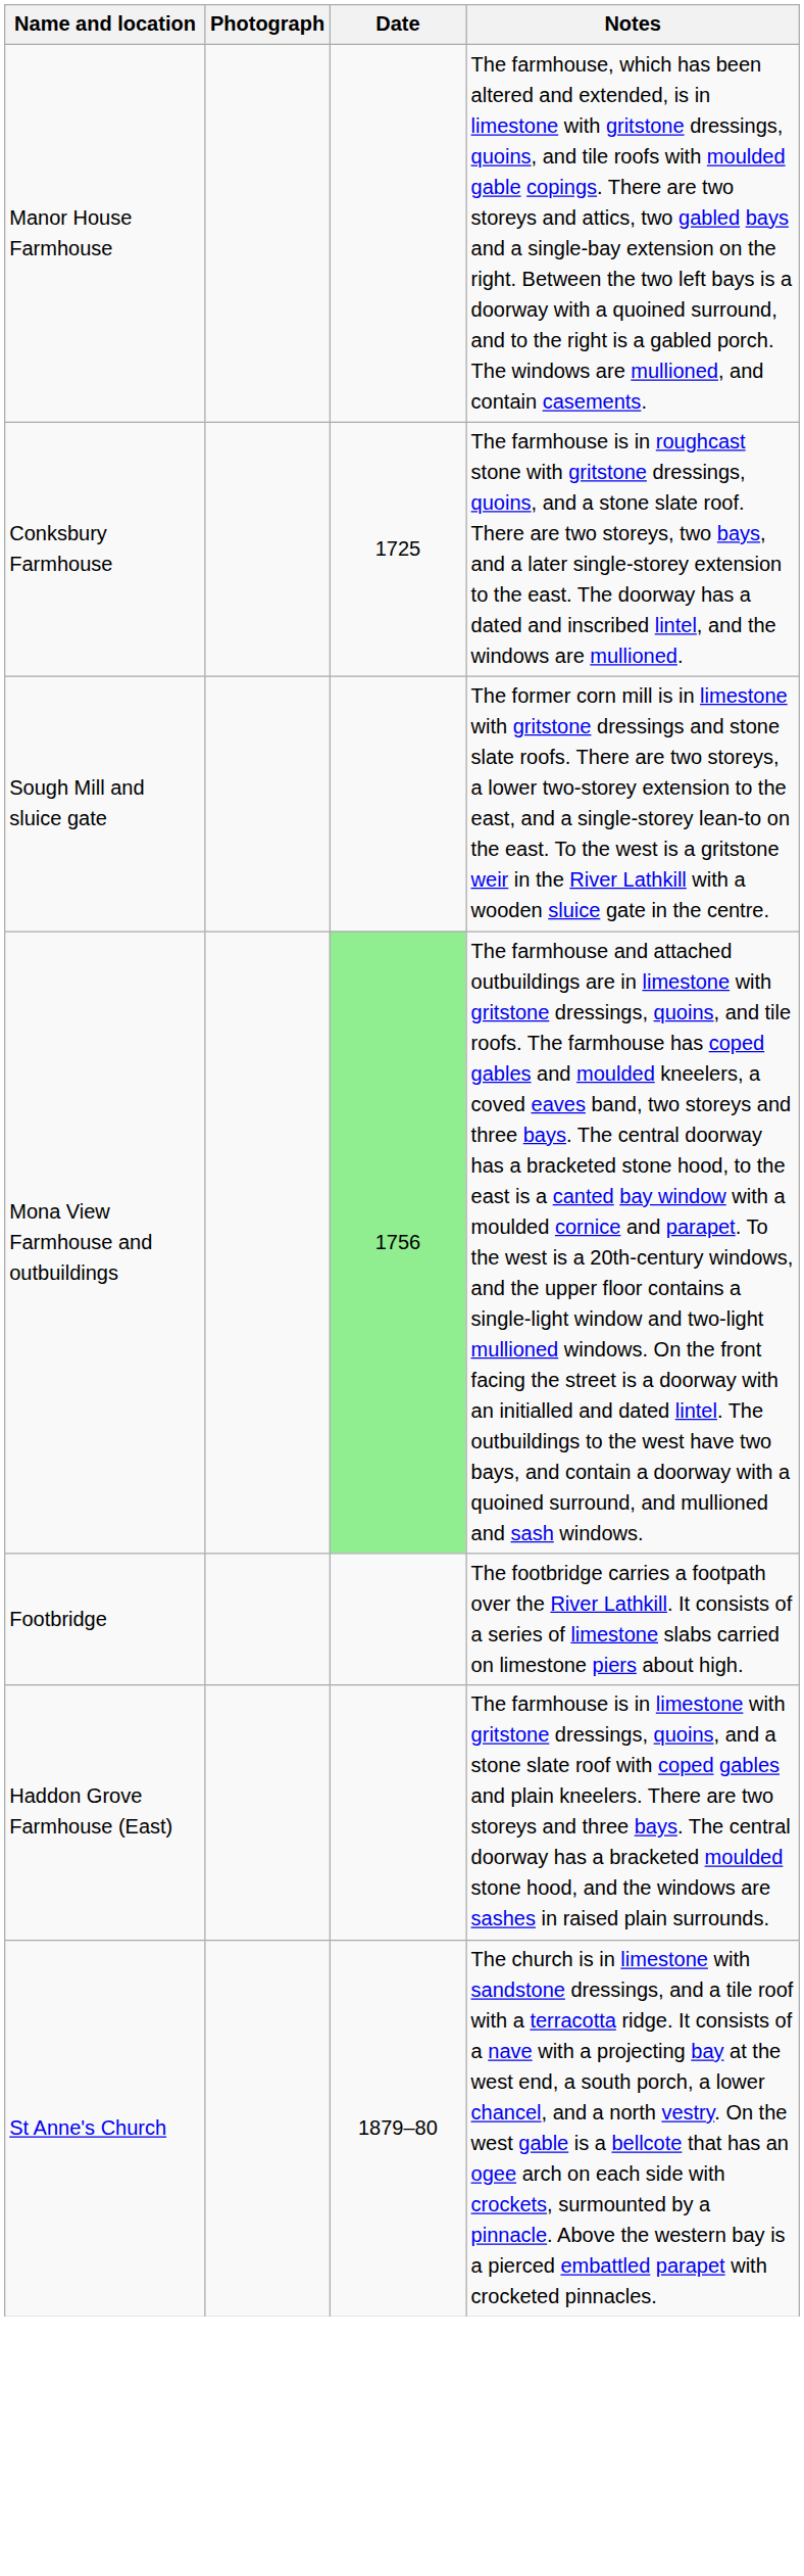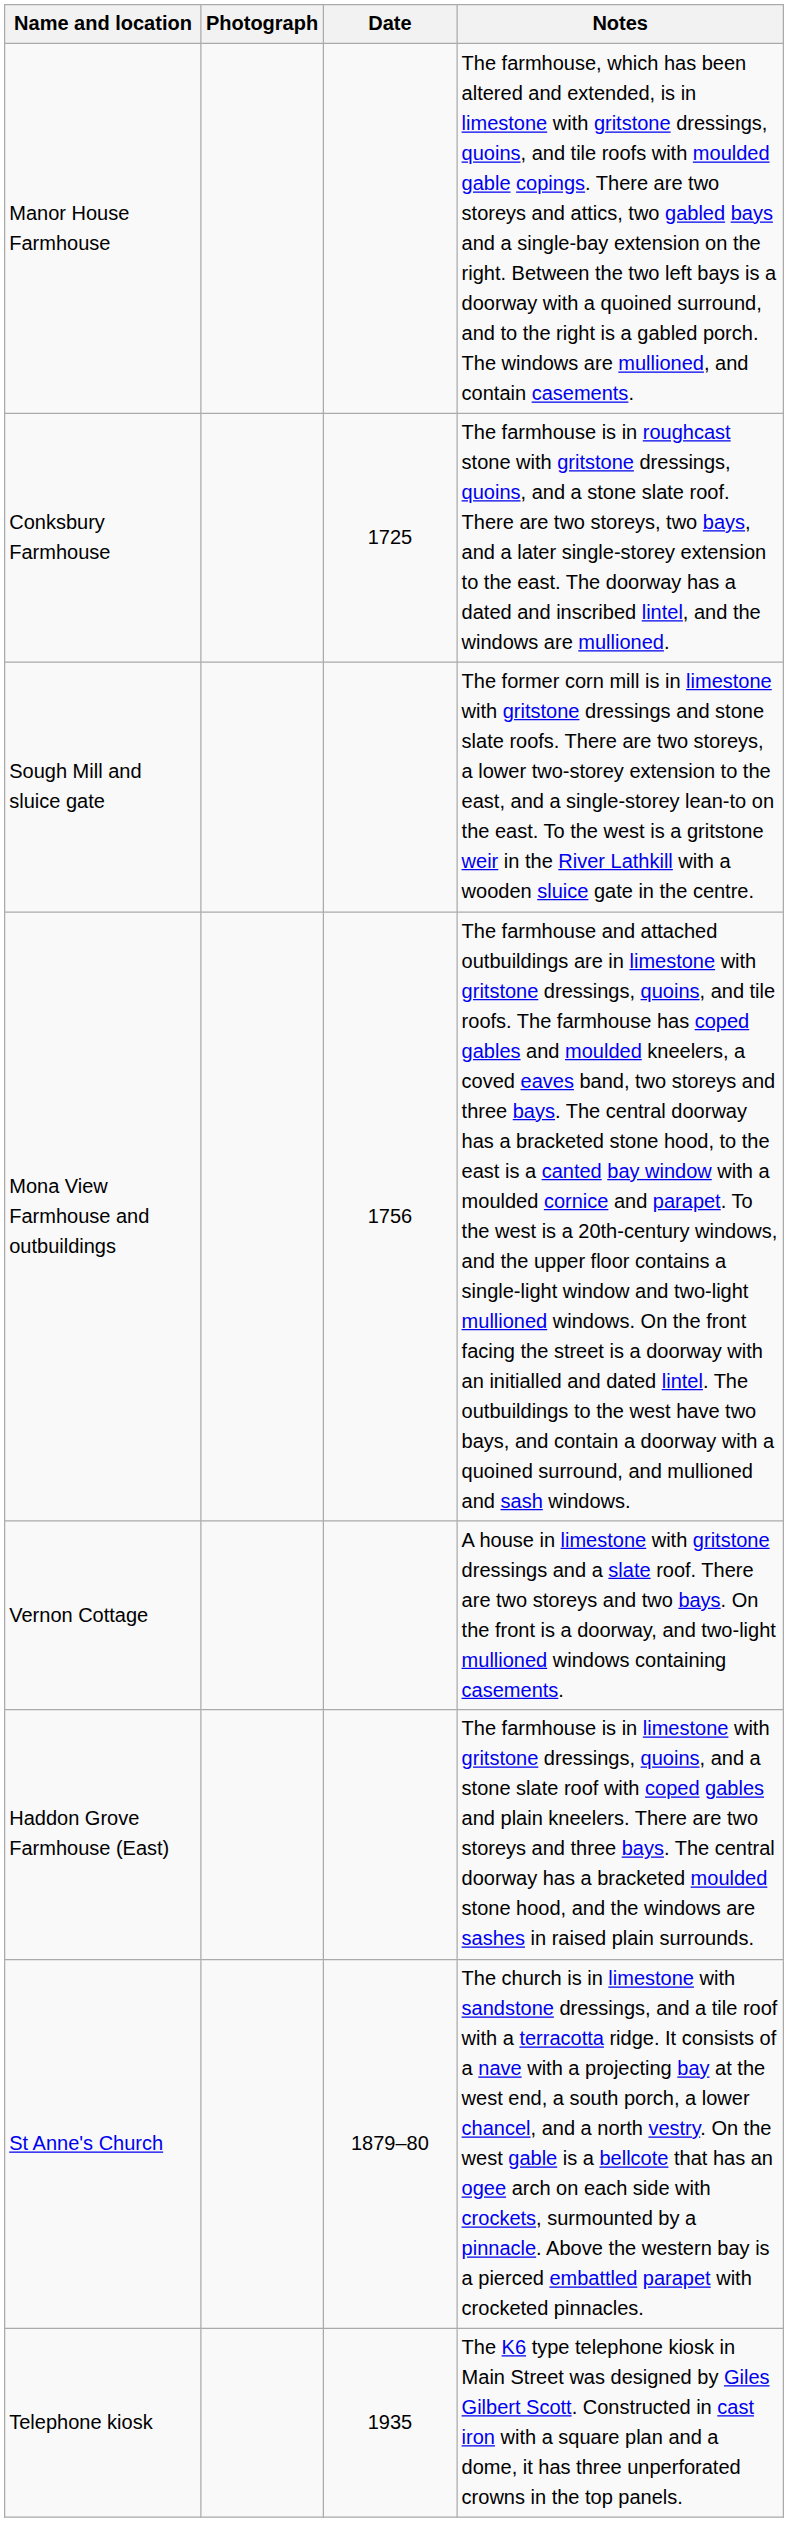 <table class="wikitable sortable plainrowheaders" style="width:100%;border:0px;text-align:left;line-height:150%;">
 <tr>
 <th style="width:150px;">Name and location</th>
 <th class="unsortable">Photograph</th>
 <th style="width:100px;">Date</th>
 <th class="unsortable">Notes</th>
 </tr>
 <tr>
 <td>Manor House Farmhouse<br><small></small></td>
 <td></td>
 <td align="center"></td>
 <td>The farmhouse, which has been altered and extended, is in <a href='#'>limestone</a> with <a href='#'>gritstone</a> dressings, <a href='#'>quoins</a>, and tile roofs with <a href='#'>moulded</a> <a href='#'>gable</a> <a href='#'>copings</a>.  There are two storeys and attics, two <a href='#'>gabled</a> <a href='#'>bays</a> and a single-bay extension on the right. Between the two left bays is a doorway with a quoined surround, and to the right is a gabled porch.  The windows are <a href='#'>mullioned</a>, and contain <a href='#'>casements</a>.</td>
 </tr>
 <tr>
 <td>Conksbury Farmhouse<br><small></small></td>
 <td></td>
 <td align="center">1725</td>
 <td>The farmhouse is in <a href='#'>roughcast</a> stone with <a href='#'>gritstone</a> dressings, <a href='#'>quoins</a>, and a stone slate roof.  There are two storeys, two <a href='#'>bays</a>, and a later single-storey extension to the east.  The doorway has a dated and inscribed <a href='#'>lintel</a>, and the windows are <a href='#'>mullioned</a>.</td>
 </tr>
 <tr>
 <td>Sough Mill and sluice gate<br><small></small></td>
 <td></td>
 <td align="center"></td>
 <td>The former corn mill is in <a href='#'>limestone</a> with <a href='#'>gritstone</a> dressings and stone slate roofs.  There are two storeys, a lower two-storey extension to the east, and a single-storey lean-to on the east.  To the west is a gritstone <a href='#'>weir</a> in the <a href='#'>River Lathkill</a> with a wooden <a href='#'>sluice</a> gate in the centre.</td>
 </tr>
 <tr>
 <td>Mona View Farmhouse and outbuildings<br><small></small></td>
 <td></td>
-<td align="center" style="background: lightgreen;">1756</td>
+<td align="center">1756</td>
 <td>The farmhouse and attached outbuildings are in <a href='#'>limestone</a> with <a href='#'>gritstone</a> dressings, <a href='#'>quoins</a>, and tile roofs.  The farmhouse has <a href='#'>coped</a> <a href='#'>gables</a> and <a href='#'>moulded</a> kneelers, a coved <a href='#'>eaves</a> band, two storeys and three <a href='#'>bays</a>.  The central doorway has a bracketed stone hood, to the east is a <a href='#'>canted</a> <a href='#'>bay window</a> with a moulded <a href='#'>cornice</a> and <a href='#'>parapet</a>.  To the west is a 20th-century windows, and the upper floor contains a single-light window and two-light <a href='#'>mullioned</a> windows.  On the front facing the street is a doorway with an initialled and dated <a href='#'>lintel</a>.  The outbuildings to the west have two bays, and contain a doorway with a quoined surround, and mullioned and <a href='#'>sash</a> windows.</td>
 </tr>
 <tr>
-<td>Footbridge<br><small></small></td>
+<td>Vernon Cottage<br><small></small></td>
 <td></td>
 <td align="center"></td>
-<td>The footbridge carries a footpath over the <a href='#'>River Lathkill</a>.  It consists of a series of <a href='#'>limestone</a> slabs carried on limestone <a href='#'>piers</a> about  high.</td>
+<td>A house in <a href='#'>limestone</a> with <a href='#'>gritstone</a> dressings and a <a href='#'>slate</a> roof.  There are two storeys and two <a href='#'>bays</a>.  On the front is a doorway, and two-light <a href='#'>mullioned</a> windows containing <a href='#'>casements</a>.</td>
 </tr>
 <tr>
 <td>Haddon Grove Farmhouse (East)<br><small></small></td>
 <td></td>
 <td align="center"></td>
 <td>The farmhouse is in <a href='#'>limestone</a> with <a href='#'>gritstone</a> dressings, <a href='#'>quoins</a>, and a stone slate roof with <a href='#'>coped</a> <a href='#'>gables</a> and plain kneelers.  There are two storeys and three <a href='#'>bays</a>.  The central doorway has a bracketed <a href='#'>moulded</a> stone hood, and the windows are <a href='#'>sashes</a> in raised plain surrounds.</td>
 </tr>
 <tr>
 <td><a href='#'>St Anne's Church</a><br><small></small></td>
 <td></td>
 <td align="center">1879–80</td>
 <td>The church is in <a href='#'>limestone</a> with <a href='#'>sandstone</a> dressings, and a tile roof with a <a href='#'>terracotta</a> ridge.  It consists of a <a href='#'>nave</a> with a projecting <a href='#'>bay</a> at the west end, a south porch, a lower <a href='#'>chancel</a>, and a north <a href='#'>vestry</a>.  On the west <a href='#'>gable</a> is a <a href='#'>bellcote</a> that has an <a href='#'>ogee</a> arch on each side with <a href='#'>crockets</a>, surmounted by a <a href='#'>pinnacle</a>.  Above the western bay is a pierced <a href='#'>embattled</a> <a href='#'>parapet</a> with crocketed pinnacles.</td>
 </tr>
 <tr>
+<td>Telephone kiosk<br><small></small></td>
+<td></td>
+<td align="center">1935</td>
+<td>The <a href='#'>K6</a> type telephone kiosk in Main Street was designed by <a href='#'>Giles Gilbert Scott</a>.  Constructed in <a href='#'>cast iron</a> with a square plan and a dome, it has three unperforated crowns in the top panels.</td>
+</tr>
+<tr>
 </tr>
 </table>
